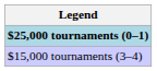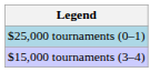 <table class="wikitable" style="font-size:90%;">
 <tr>
 <th>Legend</th>
 </tr>
 <tr bgcolor=lightblue>
-<td><strong>$25,000 tournaments (0–1)</strong></td>
+<td>$25,000 tournaments (0–1)</td>
 </tr>
 <tr style="background:#ccf;">
 <td>$15,000 tournaments (3–4)</td>
 </tr>
 </table>
